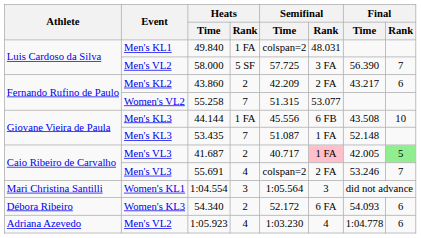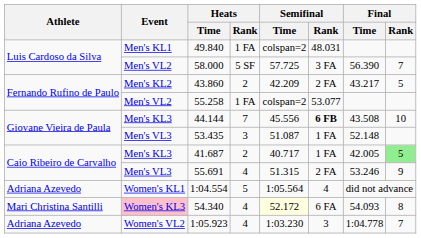 <table class="wikitable" style="font-size:90%">
 <tr>
 <th rowspan="2">Athlete</th>
 <th rowspan="2">Event</th>
 <th colspan="2">Heats</th>
 <th colspan="2">Semifinal</th>
 <th colspan="2">Final</th>
 </tr>
 <tr>
 <th>Time</th>
 <th>Rank</th>
 <th>Time</th>
 <th>Rank</th>
 <th>Time</th>
 <th>Rank</th>
 </tr>
 <tr>
 <td rowspan=2><a href='#'>Luis Cardoso da Silva</a></td>
 <td><a href='#'>Men's KL1</a></td>
 <td align="center">49.840</td>
 <td align="center">1 FA</td>
 <td>colspan=2 </td>
 <td align="center">48.031</td>
 <td align="center"></td>
 </tr>
 <tr>
 <td><a href='#'>Men's VL2</a></td>
 <td align="center">58.000</td>
 <td align="center">5 SF</td>
 <td align="center">57.725</td>
 <td align="center">3 FA</td>
 <td align="center">56.390</td>
 <td align="center">7</td>
 </tr>
 <tr>
 <td rowspan=2><a href='#'>Fernando Rufino de Paulo</a></td>
 <td><a href='#'>Men's KL2</a></td>
 <td align="center">43.860</td>
 <td align="center">2</td>
 <td align="center">42.209</td>
 <td align="center">2 FA</td>
 <td align="center">43.217</td>
-<td align="center">6</td>
+<td align="center">5</td>
 </tr>
 <tr>
-<td><a href='#'>Women's VL2</a></td>
+<td><a href='#'>Men's VL2</a></td>
 <td align="center">55.258</td>
-<td align="center">7</td>
-<td align="center">51.315</td>
+<td align="center">1 FA</td>
+<td>colspan=2 </td>
 <td align="center">53.077</td>
 <td align="center"></td>
 </tr>
 <tr>
 <td rowspan=2><a href='#'>Giovane Vieira de Paula</a></td>
 <td><a href='#'>Men's KL3</a></td>
 <td align="center">44.144</td>
-<td align="center">1 FA</td>
+<td align="center">7</td>
 <td align="center">45.556</td>
-<td align="center">6 FB</td>
+<td align="center"><strong>6 FB</strong></td>
 <td align="center">43.508</td>
 <td align="center">10</td>
 </tr>
 <tr>
-<td><a href='#'>Men's KL3</a></td>
+<td><a href='#'>Men's VL3</a></td>
 <td align="center">53.435</td>
-<td align="center">7</td>
+<td align="center">3</td>
 <td align="center">51.087</td>
 <td align="center">1 FA</td>
 <td align="center">52.148</td>
 <td align="center"></td>
 </tr>
 <tr>
 <td rowspan=2><a href='#'>Caio Ribeiro de Carvalho</a></td>
-<td><a href='#'>Men's VL3</a></td>
+<td><a href='#'>Men's KL3</a></td>
 <td align="center">41.687</td>
 <td align="center">2</td>
 <td align="center">40.717</td>
-<td align="center" style="background: pink;">1 FA</td>
+<td align="center">1 FA</td>
 <td align="center">42.005</td>
 <td align="center" style="background: lightgreen;">5</td>
 </tr>
 <tr>
 <td><a href='#'>Men's VL3</a></td>
 <td align="center">55.691</td>
 <td align="center">4</td>
-<td>colspan=2 </td>
+<td align="center">51.315</td>
 <td align="center">2 FA</td>
 <td align="center">53.246</td>
-<td align="center">7</td>
+<td align="center">9</td>
+</tr>
+<tr>
+<td><a href='#'>Adriana Azevedo</a></td>
+<td><a href='#'>Women's KL1</a></td>
+<td align="center">1:04.554</td>
+<td align="center">5</td>
+<td align="center">1:05.564</td>
+<td align="center">4</td>
+<td align=center colspan=2>did not advance</td>
 </tr>
 <tr>
 <td><a href='#'>Mari Christina Santilli</a></td>
-<td><a href='#'>Women's KL1</a></td>
-<td align="center">1:04.554</td>
-<td align="center">3</td>
-<td align="center">1:05.564</td>
-<td align="center">3</td>
-<td align=center colspan=2>did not advance</td>
-</tr>
-<tr>
-<td><a href='#'>Débora Ribeiro</a></td>
-<td><a href='#'>Women's KL3</a></td>
+<td style="background: pink;"><a href='#'>Women's KL3</a></td>
 <td align="center">54.340</td>
-<td align="center">2</td>
-<td align="center">52.172</td>
+<td align="center">4</td>
+<td align="center" style="background: lightyellow;">52.172</td>
 <td align="center">6 FA</td>
 <td align="center">54.093</td>
-<td align="center">6</td>
+<td align="center">8</td>
 </tr>
 <tr>
 <td><a href='#'>Adriana Azevedo</a></td>
-<td><a href='#'>Men's VL2</a></td>
+<td><a href='#'>Women's VL2</a></td>
 <td align="center">1:05.923</td>
 <td align="center">4</td>
 <td align="center">1:03.230</td>
-<td align="center">4</td>
+<td align="center">3</td>
 <td align="center">1:04.778</td>
-<td align="center">6</td>
+<td align="center">7</td>
 </tr>
 </table>
